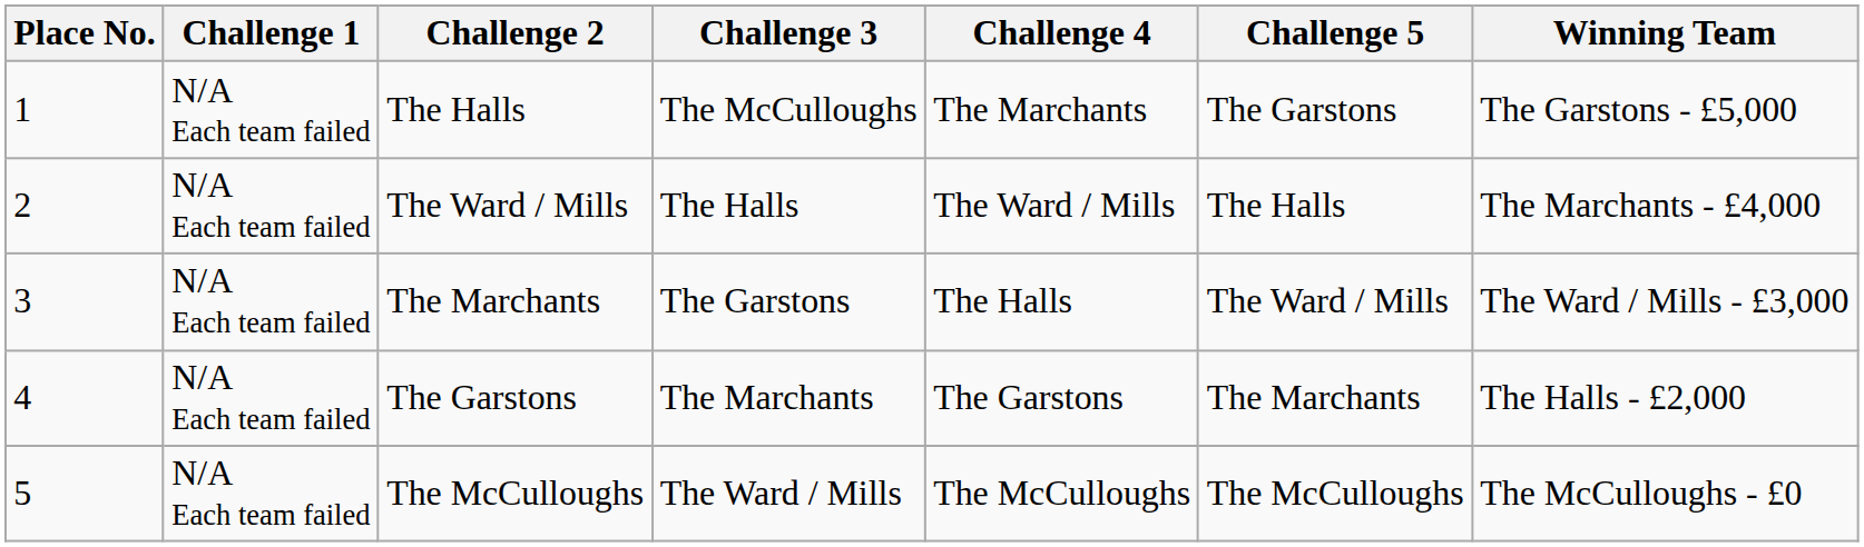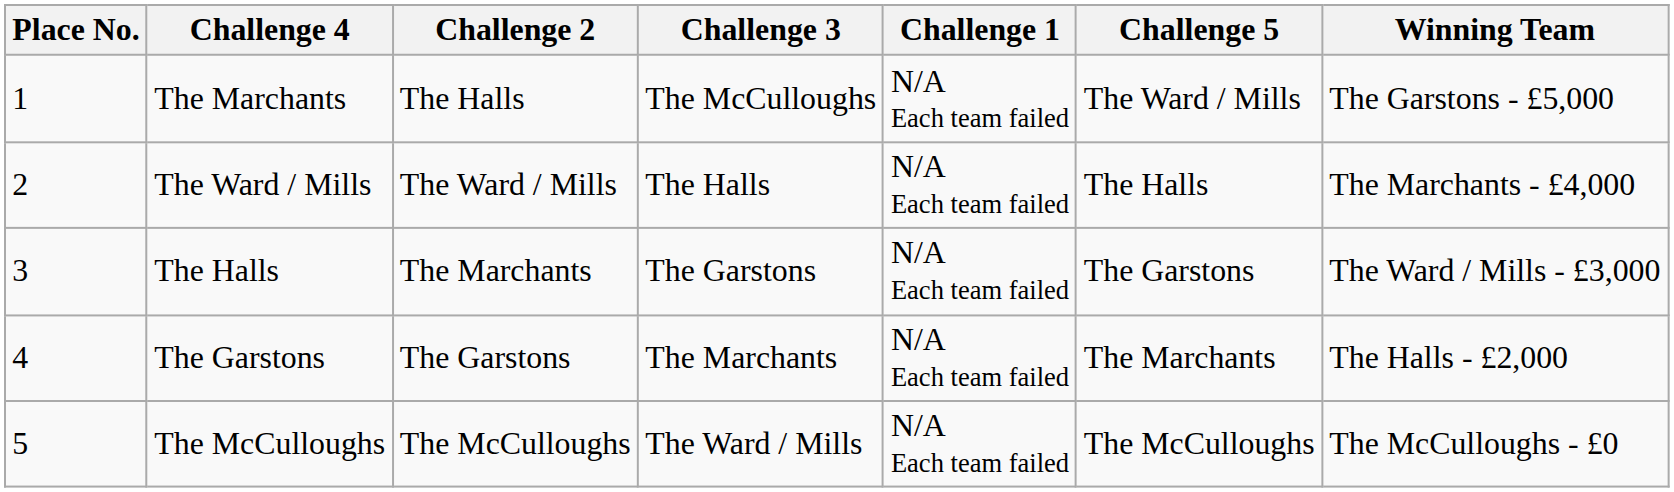 <table class="wikitable">
 <tr>
 <th>Place No.</th>
-<th>Challenge 1</th>
+<th>Challenge 4</th>
 <th>Challenge 2</th>
 <th>Challenge 3</th>
-<th>Challenge 4</th>
+<th>Challenge 1</th>
 <th>Challenge 5</th>
 <th>Winning Team</th>
 </tr>
 <tr>
 <td>1</td>
-<td>N/A<br><small>Each team failed</small></td>
+<td>The Marchants</td>
 <td>The Halls</td>
 <td>The McCulloughs</td>
-<td>The Marchants</td>
-<td>The Garstons</td>
+<td>N/A<br><small>Each team failed</small></td>
+<td>The Ward / Mills</td>
 <td>The Garstons - £5,000</td>
 </tr>
 <tr>
 <td>2</td>
-<td>N/A<br><small>Each team failed</small></td>
+<td>The Ward / Mills</td>
 <td>The Ward / Mills</td>
 <td>The Halls</td>
-<td>The Ward / Mills</td>
+<td>N/A<br><small>Each team failed</small></td>
 <td>The Halls</td>
 <td>The Marchants - £4,000</td>
 </tr>
 <tr>
 <td>3</td>
-<td>N/A<br><small>Each team failed</small></td>
+<td>The Halls</td>
 <td>The Marchants</td>
 <td>The Garstons</td>
-<td>The Halls</td>
-<td>The Ward / Mills</td>
+<td>N/A<br><small>Each team failed</small></td>
+<td>The Garstons</td>
 <td>The Ward / Mills - £3,000</td>
 </tr>
 <tr>
 <td>4</td>
-<td>N/A<br><small>Each team failed</small></td>
+<td>The Garstons</td>
 <td>The Garstons</td>
 <td>The Marchants</td>
-<td>The Garstons</td>
+<td>N/A<br><small>Each team failed</small></td>
 <td>The Marchants</td>
 <td>The Halls - £2,000</td>
 </tr>
 <tr>
 <td>5</td>
-<td>N/A<br><small>Each team failed</small></td>
+<td>The McCulloughs</td>
 <td>The McCulloughs</td>
 <td>The Ward / Mills</td>
-<td>The McCulloughs</td>
+<td>N/A<br><small>Each team failed</small></td>
 <td>The McCulloughs</td>
 <td>The McCulloughs - £0</td>
 </tr>
 </table>
